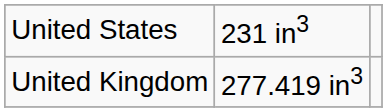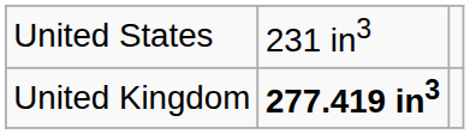 <table class="wikitable floatright">
 <tr>
 <td>United States</td>
 <td>231 in<sup>3</sup></td>
 <td></td>
 </tr>
 <tr>
 <td>United Kingdom</td>
-<td>277.419 in<sup>3</sup></td>
+<td><strong>277.419 in<sup>3</sup></strong></td>
 <td></td>
 </tr>
 </table>
